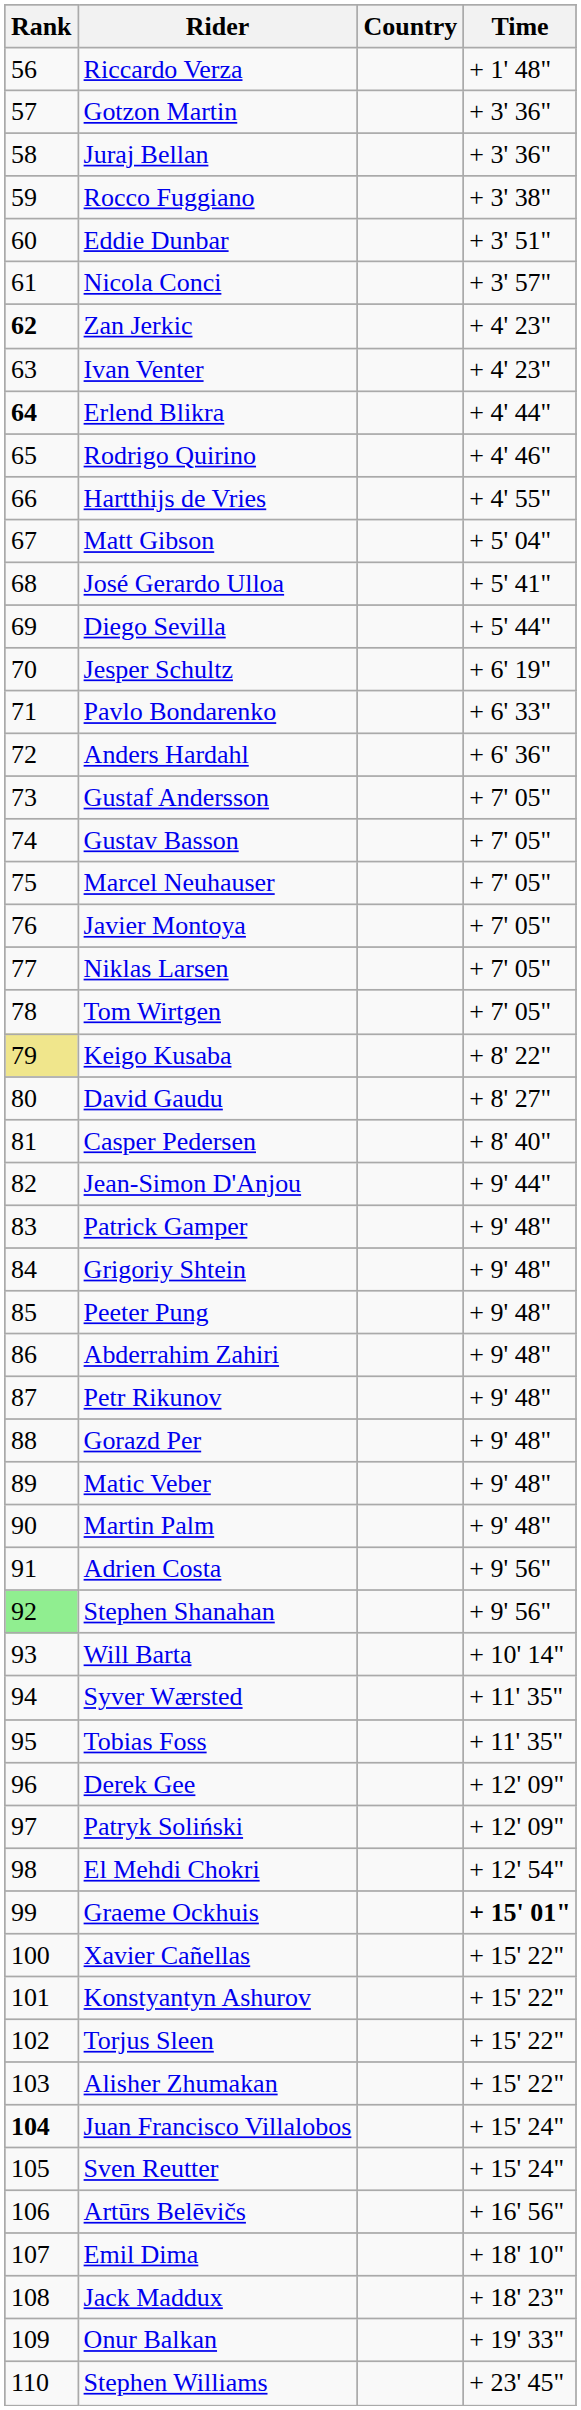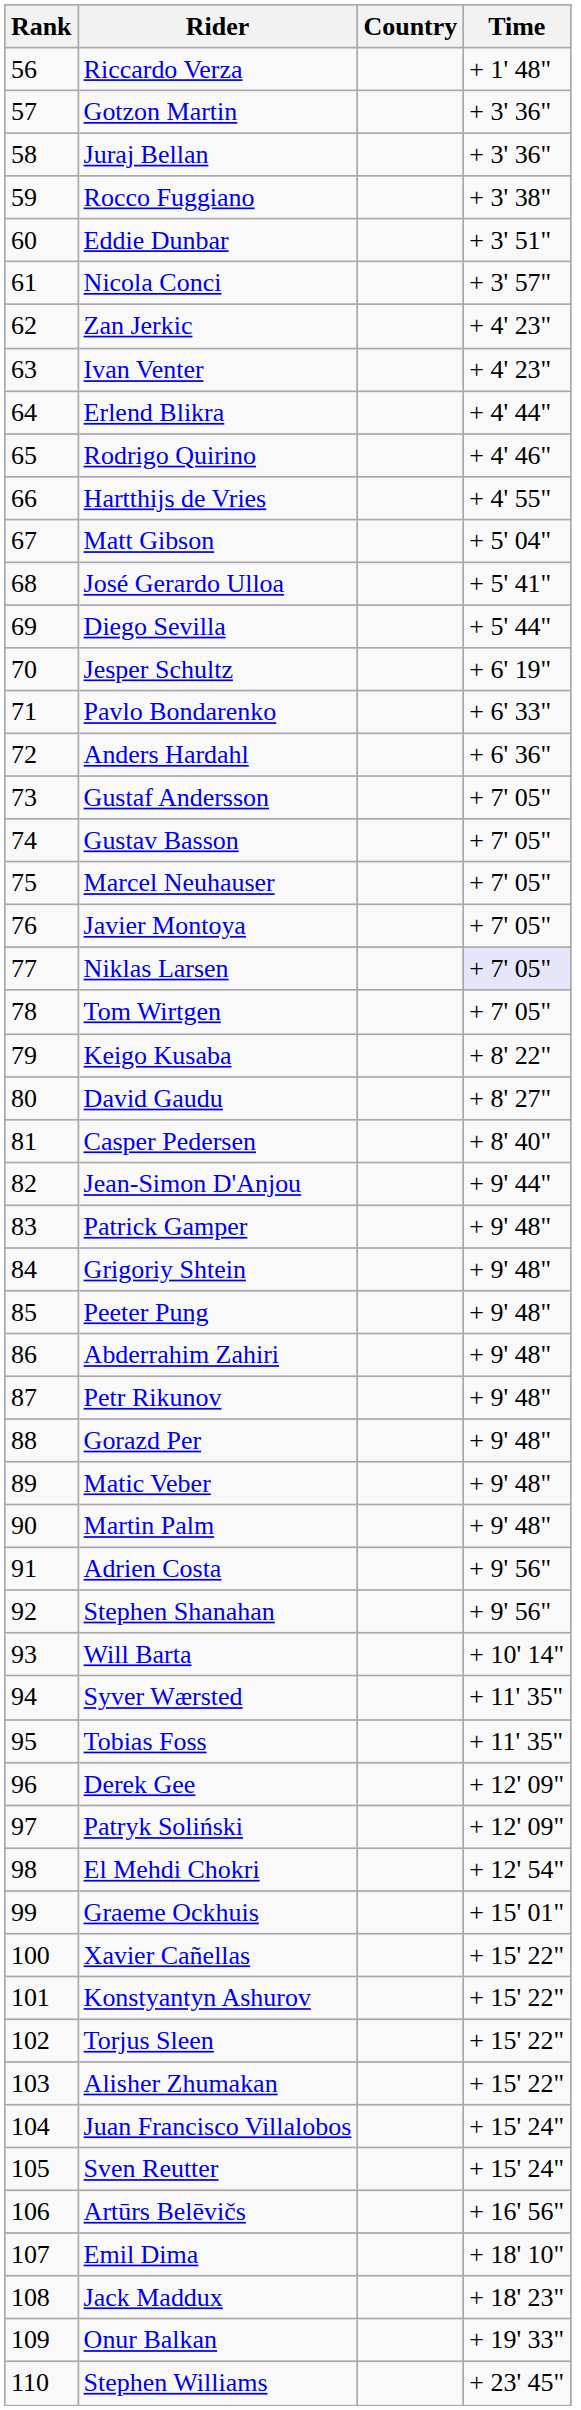 <table class="wikitable" style="font-size:95%; text-align:left;">
 <tr>
 <th>Rank</th>
 <th>Rider</th>
 <th>Country</th>
 <th>Time</th>
 </tr>
 <tr>
 <td>56</td>
 <td><a href='#'>Riccardo Verza</a></td>
 <td></td>
 <td>+ 1' 48"</td>
 </tr>
 <tr>
 <td>57</td>
 <td><a href='#'>Gotzon Martin</a></td>
 <td></td>
 <td>+ 3' 36"</td>
 </tr>
 <tr>
 <td>58</td>
 <td><a href='#'>Juraj Bellan</a></td>
 <td></td>
 <td>+ 3' 36"</td>
 </tr>
 <tr>
 <td>59</td>
 <td><a href='#'>Rocco Fuggiano</a></td>
 <td></td>
 <td>+ 3' 38"</td>
 </tr>
 <tr>
 <td>60</td>
 <td><a href='#'>Eddie Dunbar</a></td>
 <td></td>
 <td>+ 3' 51"</td>
 </tr>
 <tr>
 <td>61</td>
 <td><a href='#'>Nicola Conci</a></td>
 <td></td>
 <td>+ 3' 57"</td>
 </tr>
 <tr>
-<td><strong>62</strong></td>
+<td>62</td>
 <td><a href='#'>Zan Jerkic</a></td>
 <td></td>
 <td>+ 4' 23"</td>
 </tr>
 <tr>
 <td>63</td>
 <td><a href='#'>Ivan Venter</a></td>
 <td></td>
 <td>+ 4' 23"</td>
 </tr>
 <tr>
-<td><strong>64</strong></td>
+<td>64</td>
 <td><a href='#'>Erlend Blikra</a></td>
 <td></td>
 <td>+ 4' 44"</td>
 </tr>
 <tr>
 <td>65</td>
 <td><a href='#'>Rodrigo Quirino</a></td>
 <td></td>
 <td>+ 4' 46"</td>
 </tr>
 <tr>
 <td>66</td>
 <td><a href='#'>Hartthijs de Vries</a></td>
 <td></td>
 <td>+ 4' 55"</td>
 </tr>
 <tr>
 <td>67</td>
 <td><a href='#'>Matt Gibson</a></td>
 <td></td>
 <td>+ 5' 04"</td>
 </tr>
 <tr>
 <td>68</td>
 <td><a href='#'>José Gerardo Ulloa</a></td>
 <td></td>
 <td>+ 5' 41"</td>
 </tr>
 <tr>
 <td>69</td>
 <td><a href='#'>Diego Sevilla</a></td>
 <td></td>
 <td>+ 5' 44"</td>
 </tr>
 <tr>
 <td>70</td>
 <td><a href='#'>Jesper Schultz</a></td>
 <td></td>
 <td>+ 6' 19"</td>
 </tr>
 <tr>
 <td>71</td>
 <td><a href='#'>Pavlo Bondarenko</a></td>
 <td></td>
 <td>+ 6' 33"</td>
 </tr>
 <tr>
 <td>72</td>
 <td><a href='#'>Anders Hardahl</a></td>
 <td></td>
 <td>+ 6' 36"</td>
 </tr>
 <tr>
 <td>73</td>
 <td><a href='#'>Gustaf Andersson</a></td>
 <td></td>
 <td>+ 7' 05"</td>
 </tr>
 <tr>
 <td>74</td>
 <td><a href='#'>Gustav Basson</a></td>
 <td></td>
 <td>+ 7' 05"</td>
 </tr>
 <tr>
 <td>75</td>
 <td><a href='#'>Marcel Neuhauser</a></td>
 <td></td>
 <td>+ 7' 05"</td>
 </tr>
 <tr>
 <td>76</td>
 <td><a href='#'>Javier Montoya</a></td>
 <td></td>
 <td>+ 7' 05"</td>
 </tr>
 <tr>
 <td>77</td>
 <td><a href='#'>Niklas Larsen</a></td>
 <td></td>
-<td>+ 7' 05"</td>
+<td style="background: lavender;">+ 7' 05"</td>
 </tr>
 <tr>
 <td>78</td>
 <td><a href='#'>Tom Wirtgen</a></td>
 <td></td>
 <td>+ 7' 05"</td>
 </tr>
 <tr>
-<td style="background: khaki;">79</td>
+<td>79</td>
 <td><a href='#'>Keigo Kusaba</a></td>
 <td></td>
 <td>+ 8' 22"</td>
 </tr>
 <tr>
 <td>80</td>
 <td><a href='#'>David Gaudu</a></td>
 <td></td>
 <td>+ 8' 27"</td>
 </tr>
 <tr>
 <td>81</td>
 <td><a href='#'>Casper Pedersen</a></td>
 <td></td>
 <td>+ 8' 40"</td>
 </tr>
 <tr>
 <td>82</td>
 <td><a href='#'>Jean-Simon D'Anjou</a></td>
 <td></td>
 <td>+ 9' 44"</td>
 </tr>
 <tr>
 <td>83</td>
 <td><a href='#'>Patrick Gamper</a></td>
 <td></td>
 <td>+ 9' 48"</td>
 </tr>
 <tr>
 <td>84</td>
 <td><a href='#'>Grigoriy Shtein</a></td>
 <td></td>
 <td>+ 9' 48"</td>
 </tr>
 <tr>
 <td>85</td>
 <td><a href='#'>Peeter Pung</a></td>
 <td></td>
 <td>+ 9' 48"</td>
 </tr>
 <tr>
 <td>86</td>
 <td><a href='#'>Abderrahim Zahiri</a></td>
 <td></td>
 <td>+ 9' 48"</td>
 </tr>
 <tr>
 <td>87</td>
 <td><a href='#'>Petr Rikunov</a></td>
 <td></td>
 <td>+ 9' 48"</td>
 </tr>
 <tr>
 <td>88</td>
 <td><a href='#'>Gorazd Per</a></td>
 <td></td>
 <td>+ 9' 48"</td>
 </tr>
 <tr>
 <td>89</td>
 <td><a href='#'>Matic Veber</a></td>
 <td></td>
 <td>+ 9' 48"</td>
 </tr>
 <tr>
 <td>90</td>
 <td><a href='#'>Martin Palm</a></td>
 <td></td>
 <td>+ 9' 48"</td>
 </tr>
 <tr>
 <td>91</td>
 <td><a href='#'>Adrien Costa</a></td>
 <td></td>
 <td>+ 9' 56"</td>
 </tr>
 <tr>
-<td style="background: lightgreen;">92</td>
+<td>92</td>
 <td><a href='#'>Stephen Shanahan</a></td>
 <td></td>
 <td>+ 9' 56"</td>
 </tr>
 <tr>
 <td>93</td>
 <td><a href='#'>Will Barta</a></td>
 <td></td>
 <td>+ 10' 14"</td>
 </tr>
 <tr>
 <td>94</td>
 <td><a href='#'>Syver Wærsted</a></td>
 <td></td>
 <td>+ 11' 35"</td>
 </tr>
 <tr>
 <td>95</td>
 <td><a href='#'>Tobias Foss</a></td>
 <td></td>
 <td>+ 11' 35"</td>
 </tr>
 <tr>
 <td>96</td>
 <td><a href='#'>Derek Gee</a></td>
 <td></td>
 <td>+ 12' 09"</td>
 </tr>
 <tr>
 <td>97</td>
 <td><a href='#'>Patryk Soliński</a></td>
 <td></td>
 <td>+ 12' 09"</td>
 </tr>
 <tr>
 <td>98</td>
 <td><a href='#'>El Mehdi Chokri</a></td>
 <td></td>
 <td>+ 12' 54"</td>
 </tr>
 <tr>
 <td>99</td>
 <td><a href='#'>Graeme Ockhuis</a></td>
 <td></td>
-<td><strong>+ 15' 01"</strong></td>
+<td>+ 15' 01"</td>
 </tr>
 <tr>
 <td>100</td>
 <td><a href='#'>Xavier Cañellas</a></td>
 <td></td>
 <td>+ 15' 22"</td>
 </tr>
 <tr>
 <td>101</td>
 <td><a href='#'>Konstyantyn Ashurov</a></td>
 <td></td>
 <td>+ 15' 22"</td>
 </tr>
 <tr>
 <td>102</td>
 <td><a href='#'>Torjus Sleen</a></td>
 <td></td>
 <td>+ 15' 22"</td>
 </tr>
 <tr>
 <td>103</td>
 <td><a href='#'>Alisher Zhumakan</a></td>
 <td></td>
 <td>+ 15' 22"</td>
 </tr>
 <tr>
-<td><strong>104</strong></td>
+<td>104</td>
 <td><a href='#'>Juan Francisco Villalobos</a></td>
 <td></td>
 <td>+ 15' 24"</td>
 </tr>
 <tr>
 <td>105</td>
 <td><a href='#'>Sven Reutter</a></td>
 <td></td>
 <td>+ 15' 24"</td>
 </tr>
 <tr>
 <td>106</td>
 <td><a href='#'>Artūrs Belēvičs</a></td>
 <td></td>
 <td>+ 16' 56"</td>
 </tr>
 <tr>
 <td>107</td>
 <td><a href='#'>Emil Dima</a></td>
 <td></td>
 <td>+ 18' 10"</td>
 </tr>
 <tr>
 <td>108</td>
 <td><a href='#'>Jack Maddux</a></td>
 <td></td>
 <td>+ 18' 23"</td>
 </tr>
 <tr>
 <td>109</td>
 <td><a href='#'>Onur Balkan</a></td>
 <td></td>
 <td>+ 19' 33"</td>
 </tr>
 <tr>
 <td>110</td>
 <td><a href='#'>Stephen Williams</a></td>
 <td></td>
 <td>+ 23' 45"</td>
 </tr>
 </table>
